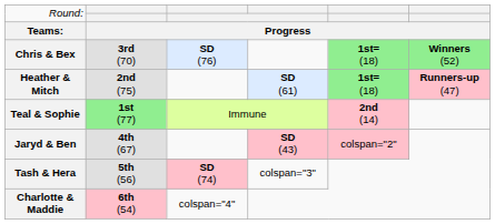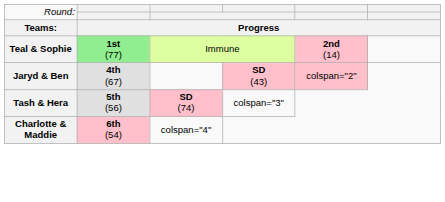 <table class="wikitable" style="text-align: center; font-size: 85%; line-height:16px; width:100%;">
 <tr>
 <td style="width:16.67%; text-align:right;" rowspan="2"><em>Round:</em></td>
 <th style="width:16.67%;"><a href='#'></a></th>
 <th style="width:16.67%;"><a href='#'></a></th>
 <th style="width:16.67%;"><a href='#'></a></th>
 <th style="width:16.67%;"><a href='#'></a></th>
 <th style="width:16.67%;"><a href='#'></a></th>
 </tr>
 <tr>
 <th colspan="1"><a href='#'></a></th>
 <th colspan="2"><a href='#'></a></th>
 <th><a href='#'></a></th>
 <th><a href='#'></a></th>
 </tr>
 <tr>
 <th>Teams:</th>
 <th colspan="5">Progress</th>
-</tr>
-<tr>
-<th>Chris & Bex</th>
-<td bgcolor="E0E0E0"><strong>3rd</strong><br>(70)</td>
-<td style="background:#DCEBFF"><strong>SD</strong><br>(76)</td>
-<td></td>
-<td bgcolor="lightgreen"><strong>1st=</strong><br>(18)</td>
-<td bgcolor="lightgreen"><strong>Winners</strong><br>(52)</td>
-</tr>
-<tr>
-<th>Heather & Mitch</th>
-<td bgcolor="E0E0E0"><strong>2nd</strong><br>(75)</td>
-<td></td>
-<td style="background:#DCEBFF"><strong>SD</strong><br>(61)</td>
-<td bgcolor="lightgreen"><strong>1st=</strong><br>(18)</td>
-<td bgcolor="pink"><strong>Runners-up</strong><br>(47)</td>
 </tr>
 <tr>
 <th>Teal & Sophie</th>
 <td bgcolor="lightgreen"><strong>1st</strong><br>(77)</td>
 <td bgcolor="DDFF9F" colspan="2">Immune</td>
 <td bgcolor="pink"><strong>2nd</strong><br>(14)</td>
 <td> </td>
 </tr>
 <tr>
 <th>Jaryd & Ben</th>
 <td bgcolor="E0E0E0"><strong>4th</strong><br>(67)</td>
 <td></td>
 <td bgcolor="pink"><strong>SD</strong><br>(43)</td>
 <td style="background: pink;">colspan="2"  </td>
 </tr>
 <tr>
 <th>Tash & Hera</th>
 <td bgcolor="E0E0E0"><strong>5th</strong><br>(56)</td>
 <td bgcolor="pink"><strong>SD</strong><br>(74)</td>
 <td>colspan="3"  </td>
 </tr>
 <tr>
 <th><strong>Charlotte & Maddie</strong></th>
 <td bgcolor="pink"><strong>6th</strong><br>(54)</td>
 <td>colspan="4"  </td>
 </tr>
 </table>
